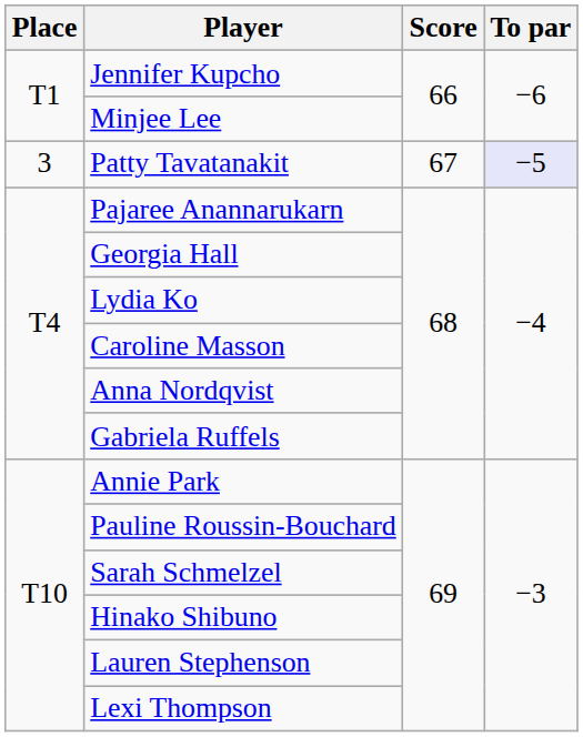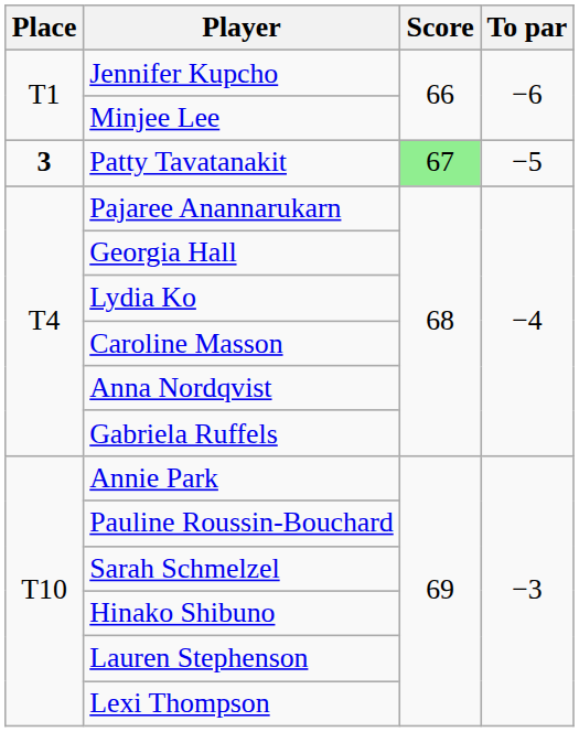 <table class="wikitable">
 <tr>
 <th>Place</th>
 <th>Player</th>
 <th>Score</th>
 <th>To par</th>
 </tr>
 <tr>
 <td rowspan=2 align=center>T1</td>
 <td> <a href='#'>Jennifer Kupcho</a></td>
 <td rowspan=2 align=center>66</td>
 <td rowspan=2 align=center>−6</td>
 </tr>
 <tr>
 <td> <a href='#'>Minjee Lee</a></td>
 </tr>
 <tr>
-<td align=center>3</td>
+<td align=center><strong>3</strong></td>
 <td> <a href='#'>Patty Tavatanakit</a></td>
-<td align=center>67</td>
-<td align=center style="background: lavender;">−5</td>
+<td align=center style="background: lightgreen;">67</td>
+<td align=center>−5</td>
 </tr>
 <tr>
 <td rowspan=6 align=center>T4</td>
 <td> <a href='#'>Pajaree Anannarukarn</a></td>
 <td rowspan=6 align=center>68</td>
 <td rowspan=6 align=center>−4</td>
 </tr>
 <tr>
 <td> <a href='#'>Georgia Hall</a></td>
 </tr>
 <tr>
 <td> <a href='#'>Lydia Ko</a></td>
 </tr>
 <tr>
 <td> <a href='#'>Caroline Masson</a></td>
 </tr>
 <tr>
 <td> <a href='#'>Anna Nordqvist</a></td>
 </tr>
 <tr>
 <td> <a href='#'>Gabriela Ruffels</a></td>
 </tr>
 <tr>
 <td rowspan=6 align=center>T10</td>
 <td> <a href='#'>Annie Park</a></td>
 <td rowspan=6 align=center>69</td>
 <td rowspan=6 align=center>−3</td>
 </tr>
 <tr>
 <td> <a href='#'>Pauline Roussin-Bouchard</a></td>
 </tr>
 <tr>
 <td> <a href='#'>Sarah Schmelzel</a></td>
 </tr>
 <tr>
 <td> <a href='#'>Hinako Shibuno</a></td>
 </tr>
 <tr>
 <td> <a href='#'>Lauren Stephenson</a></td>
 </tr>
 <tr>
 <td> <a href='#'>Lexi Thompson</a></td>
 </tr>
 </table>
